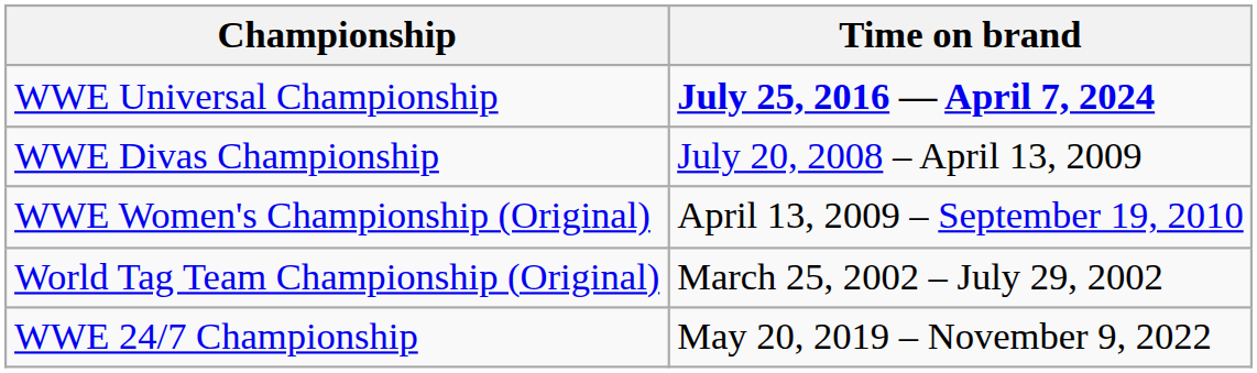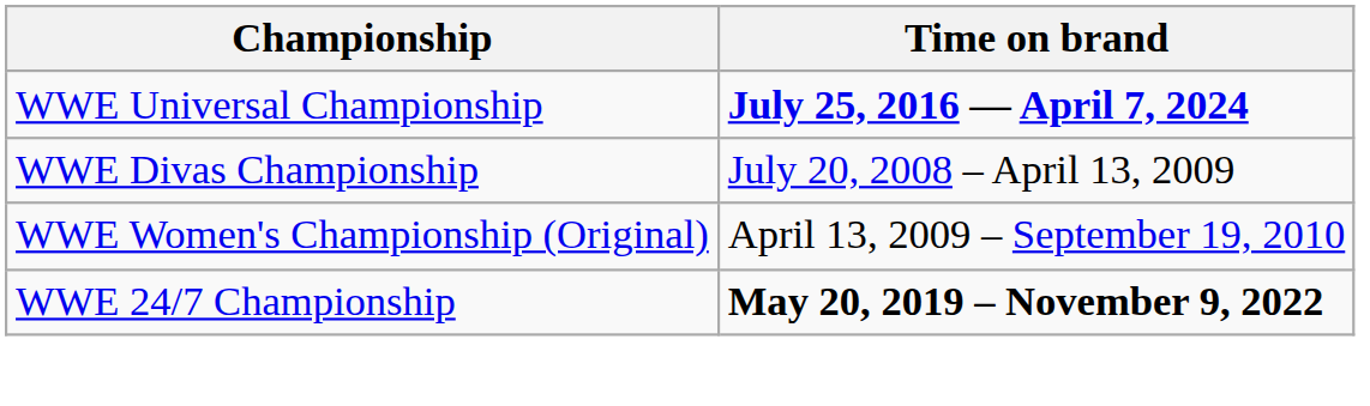 <table class="wikitable" style="text–align:center; font–size:85%">
 <tr>
 <th>Championship</th>
 <th>Time on brand</th>
 </tr>
 <tr>
 <td align="left"><a href='#'>WWE Universal Championship</a></td>
 <td align="left"><strong><a href='#'>July 25, 2016</a> — <a href='#'>April 7, 2024</a></strong></td>
 </tr>
 <tr>
 <td align="left"><a href='#'>WWE Divas Championship</a></td>
 <td align="left"><a href='#'>July 20, 2008</a> – April 13, 2009</td>
 </tr>
 <tr>
 <td align="left"><a href='#'>WWE Women's Championship (Original)</a></td>
 <td align="left">April 13, 2009 – <a href='#'>September 19, 2010</a></td>
 </tr>
 <tr>
-<td align="left"><a href='#'>World Tag Team Championship (Original)</a></td>
-<td align="left">March 25, 2002 – July 29, 2002</td>
-</tr>
-<tr>
 <td align="left"><a href='#'>WWE 24/7 Championship</a></td>
-<td align="left">May 20, 2019 – November 9, 2022</td>
+<td align="left"><strong>May 20, 2019 – November 9, 2022</strong></td>
 </tr>
 </table>
